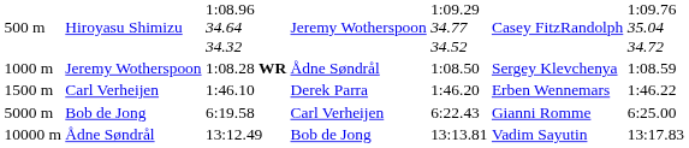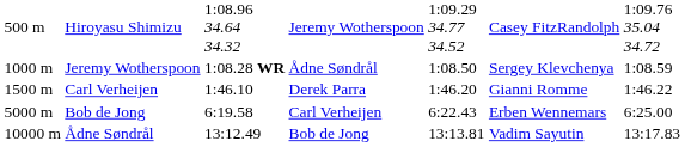 <table>
 <tr>
 <td>500 m<br></td>
 <td><a href='#'>Hiroyasu Shimizu</a><br><small></small></td>
 <td>1:08.96<br><em>34.64<br>34.32</em></td>
 <td><a href='#'>Jeremy Wotherspoon</a><br><small></small></td>
 <td>1:09.29<br><em>34.77<br>34.52</em></td>
 <td><a href='#'>Casey FitzRandolph</a><br><small></small></td>
 <td>1:09.76<br><em>35.04<br>34.72</em></td>
 </tr>
 <tr>
 <td>1000 m<br></td>
 <td><a href='#'>Jeremy Wotherspoon</a><br><small></small></td>
 <td>1:08.28 <strong>WR</strong></td>
 <td><a href='#'>Ådne Søndrål</a><br><small></small></td>
 <td>1:08.50</td>
 <td><a href='#'>Sergey Klevchenya</a><br><small></small></td>
 <td>1:08.59</td>
 </tr>
 <tr>
 <td>1500 m<br></td>
 <td><a href='#'>Carl Verheijen</a><br><small></small></td>
 <td>1:46.10</td>
 <td><a href='#'>Derek Parra</a><br><small></small></td>
 <td>1:46.20</td>
-<td><a href='#'>Erben Wennemars</a><br><small></small></td>
+<td><a href='#'>Gianni Romme</a><br><small></small></td>
 <td>1:46.22</td>
 </tr>
 <tr>
 <td>5000 m<br></td>
 <td><a href='#'>Bob de Jong</a><br><small></small></td>
 <td>6:19.58</td>
 <td><a href='#'>Carl Verheijen</a><br><small></small></td>
 <td>6:22.43</td>
-<td><a href='#'>Gianni Romme</a><br><small></small></td>
+<td><a href='#'>Erben Wennemars</a><br><small></small></td>
 <td>6:25.00</td>
 </tr>
 <tr>
 <td>10000 m<br></td>
 <td><a href='#'>Ådne Søndrål</a><br><small></small></td>
 <td>13:12.49</td>
 <td><a href='#'>Bob de Jong</a><br><small></small></td>
 <td>13:13.81</td>
 <td><a href='#'>Vadim Sayutin</a><br><small></small></td>
 <td>13:17.83</td>
 </tr>
 </table>
